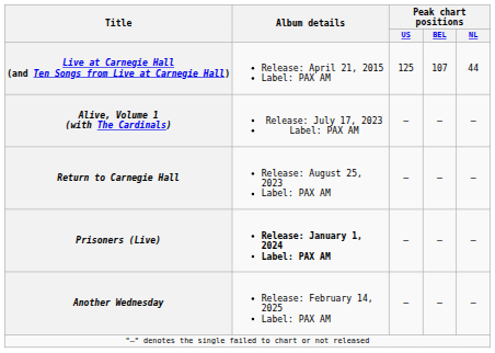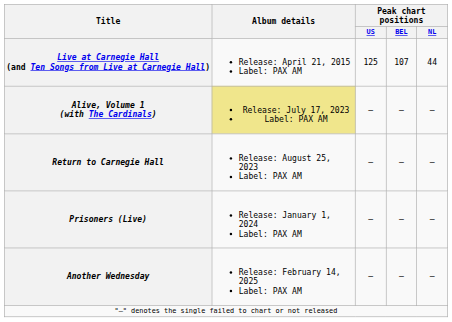 <table class="wikitable plainrowheaders" style="text-align:center;">
 <tr>
 <th scope="col" rowspan="2">Title</th>
 <th scope="col" rowspan="2" style="width:225px;">Album details</th>
 <th scope="col" colspan="3">Peak chart positions</th>
 </tr>
 <tr>
 <th scope="col" style="width:4em;font-size:85%"><a href='#'>US</a><br></th>
 <th scope="col" style="width:4em;font-size:85%"><a href='#'>BEL</a><br></th>
 <th scope="col" style="width:4em;font-size:85%"><a href='#'>NL</a><br></th>
 </tr>
 <tr>
 <th scope="row"><em><a href='#'>Live at Carnegie Hall</a></em><br><span>(and <em><a href='#'>Ten Songs from Live at Carnegie Hall</a></em>)</span></th>
 <td style="text-align:left;"><br><ul><li>Release: April 21, 2015</li><li>Label: PAX AM</li></ul></td>
 <td>125</td>
 <td>107</td>
 <td>44</td>
 </tr>
 <tr>
 <th scope="row"><em>Alive, Volume 1</em><br><span><em>(with <a href='#'>The Cardinals</a>)</em></span></th>
-<td><br><ul><li>Release: July 17, 2023</li><li>Label: PAX AM</li></ul></td>
+<td style="background: khaki;"><br><ul><li>Release: July 17, 2023</li><li>Label: PAX AM</li></ul></td>
 <td>—</td>
 <td>—</td>
 <td>—</td>
 </tr>
 <tr>
 <th scope="row"><em>Return to Carnegie Hall</em><br><span></span></th>
 <td style="text-align:left;"><br><ul><li>Release: August 25, 2023</li><li>Label: PAX AM</li></ul></td>
 <td>—</td>
 <td>—</td>
 <td>—</td>
 </tr>
 <tr>
 <th scope="row"><em>Prisoners (Live)</em><br><span></span></th>
-<td style="text-align:left;"><strong><br><ul><li>Release: January 1, 2024</li><li>Label: PAX AM</li></ul></strong></td>
+<td style="text-align:left;"><br><ul><li>Release: January 1, 2024</li><li>Label: PAX AM</li></ul></td>
 <td>—</td>
 <td>—</td>
 <td>—</td>
 </tr>
 <tr>
 <th scope="row"><em>Another Wednesday</em><br><span></span></th>
 <td style="text-align:left;"><br><ul><li>Release: February 14, 2025</li><li>Label: PAX AM</li></ul></td>
 <td>—</td>
 <td>—</td>
 <td>—</td>
 </tr>
 <tr>
 <td colspan="15" style="font-size:85%">"—" denotes the single failed to chart or not released</td>
 </tr>
 </table>
